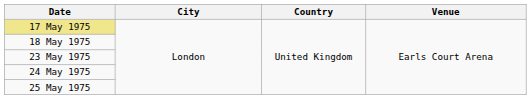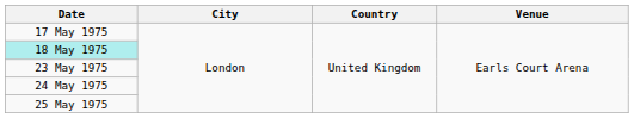 <table class="wikitable" style="text-align:center;">
 <tr>
 <th style="width:150px;">Date</th>
 <th style="width:200px;">City</th>
 <th style="width:140px;">Country</th>
 <th style="width:220px;">Venue</th>
 </tr>
 <tr>
-<td style="background: khaki;">17 May 1975</td>
+<td>17 May 1975</td>
 <td rowspan="5">London</td>
 <td rowspan="5">United Kingdom</td>
 <td rowspan="5">Earls Court Arena</td>
 </tr>
 <tr>
-<td>18 May 1975</td>
+<td style="background: paleturquoise;">18 May 1975</td>
 </tr>
 <tr>
 <td>23 May 1975</td>
 </tr>
 <tr>
 <td>24 May 1975</td>
 </tr>
 <tr>
 <td>25 May 1975</td>
 </tr>
 </table>
